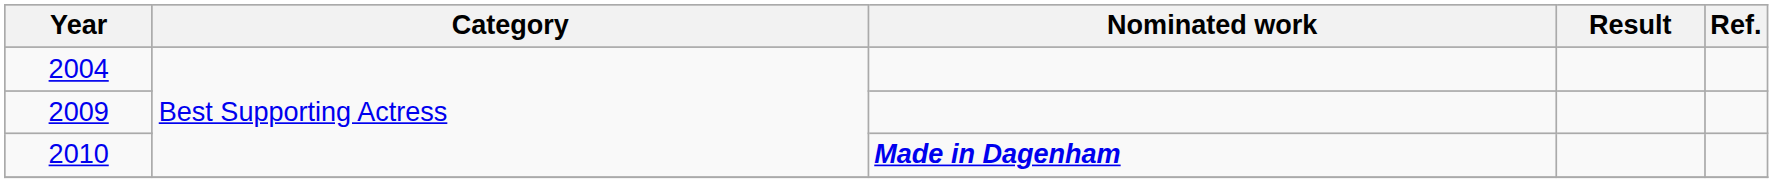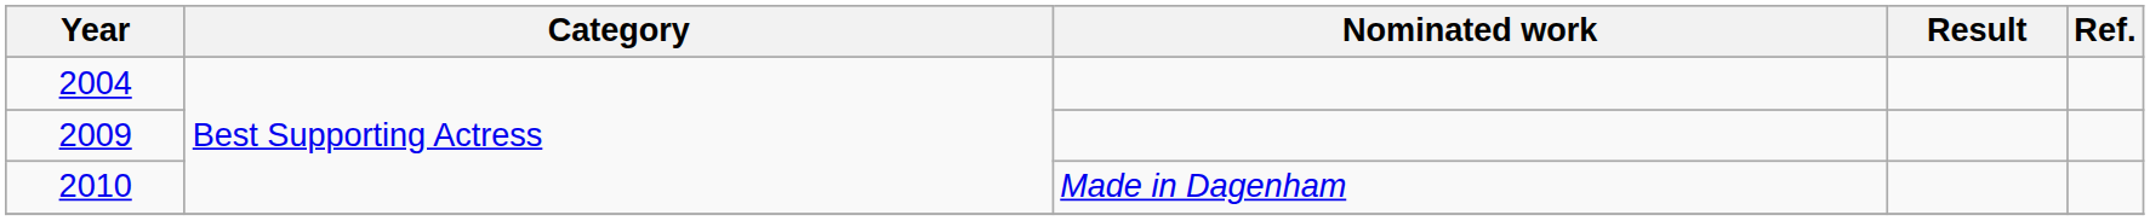 <table class=wikitable>
 <tr>
 <th scope="col" style="width:5em;">Year</th>
 <th scope="col" style="width:26em;">Category</th>
 <th scope="col" style="width:25em;">Nominated work</th>
 <th scope="col" style="width:5em;">Result</th>
 <th>Ref.</th>
 </tr>
 <tr>
 <td style="text-align:center;"><a href='#'>2004</a></td>
 <td rowspan="3"><a href='#'>Best Supporting Actress</a></td>
 <td></td>
 <td></td>
 <td></td>
 </tr>
 <tr>
 <td style="text-align:center;"><a href='#'>2009</a></td>
 <td></td>
 <td></td>
 <td></td>
 </tr>
 <tr>
 <td style="text-align:center;"><a href='#'>2010</a></td>
-<td><strong><em><a href='#'>Made in Dagenham</a></em></strong></td>
+<td><em><a href='#'>Made in Dagenham</a></em></td>
 <td></td>
 <td></td>
 </tr>
 <tr>
 </tr>
 </table>
